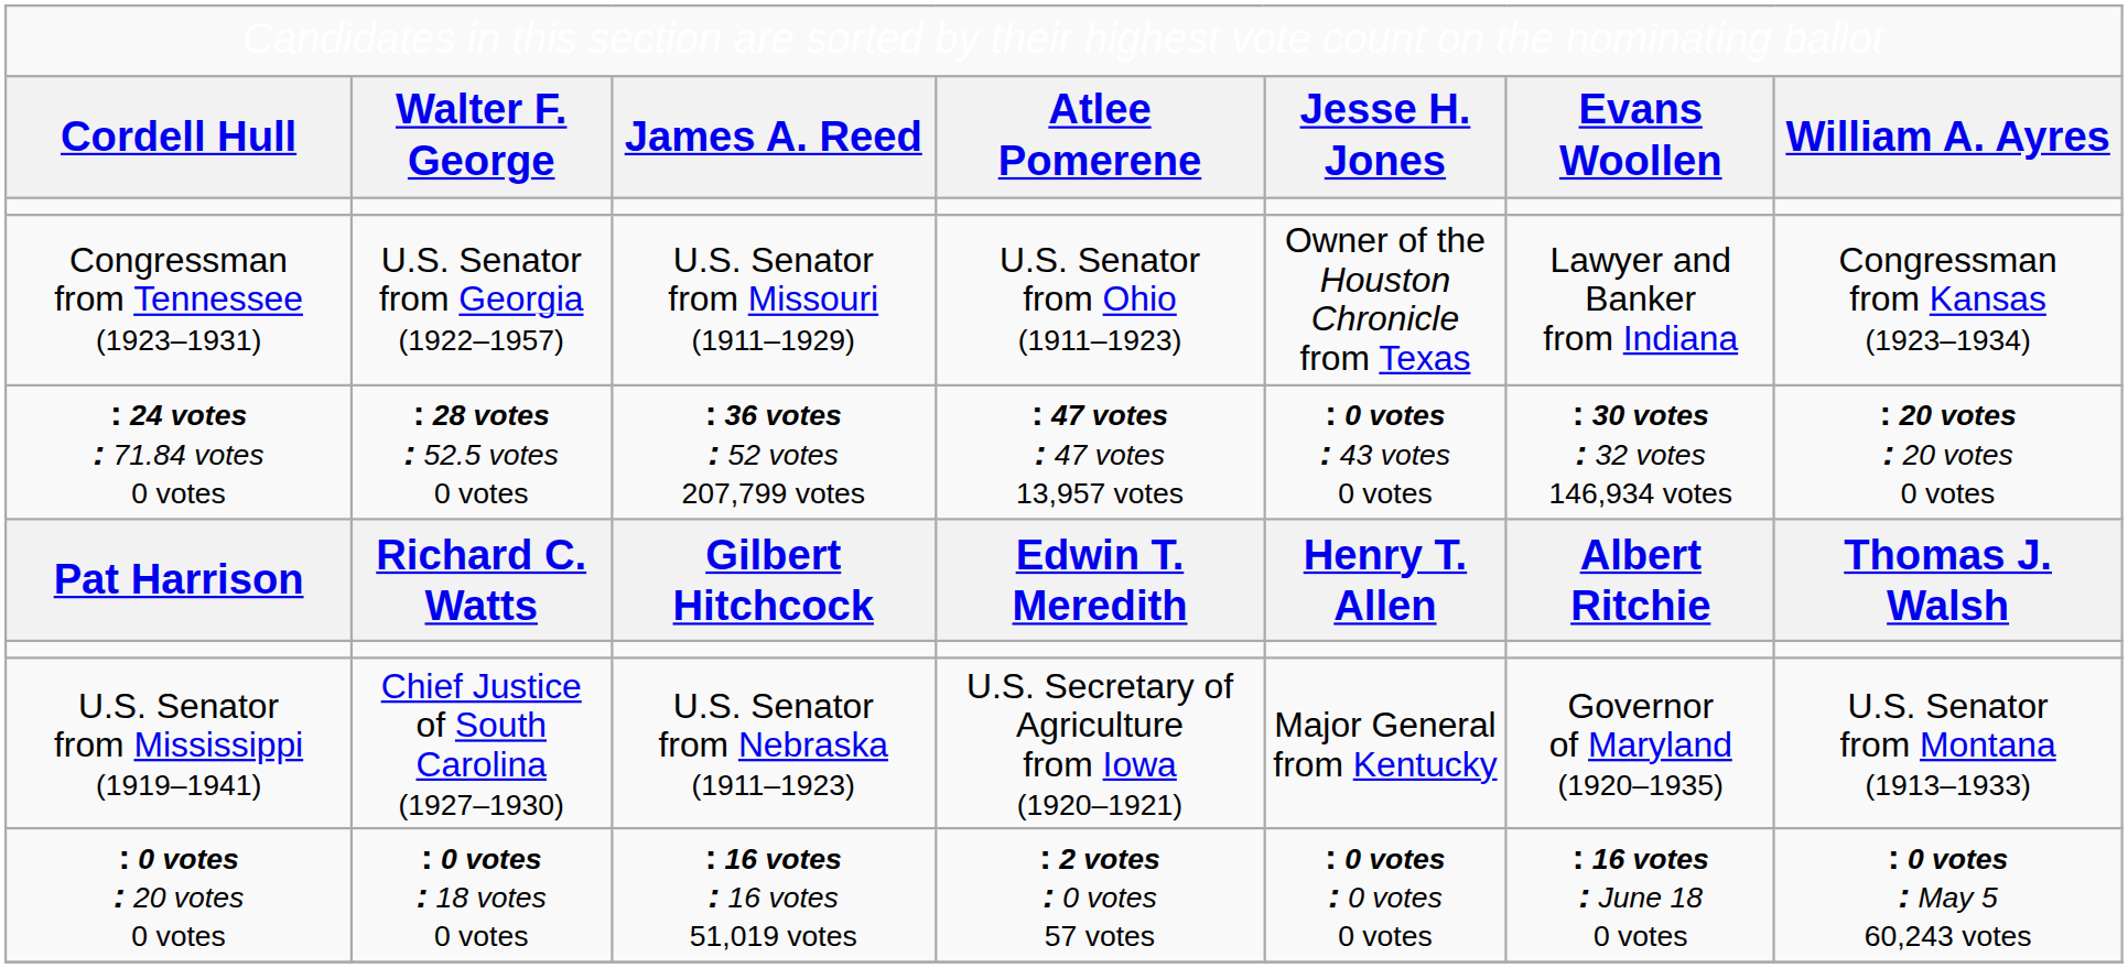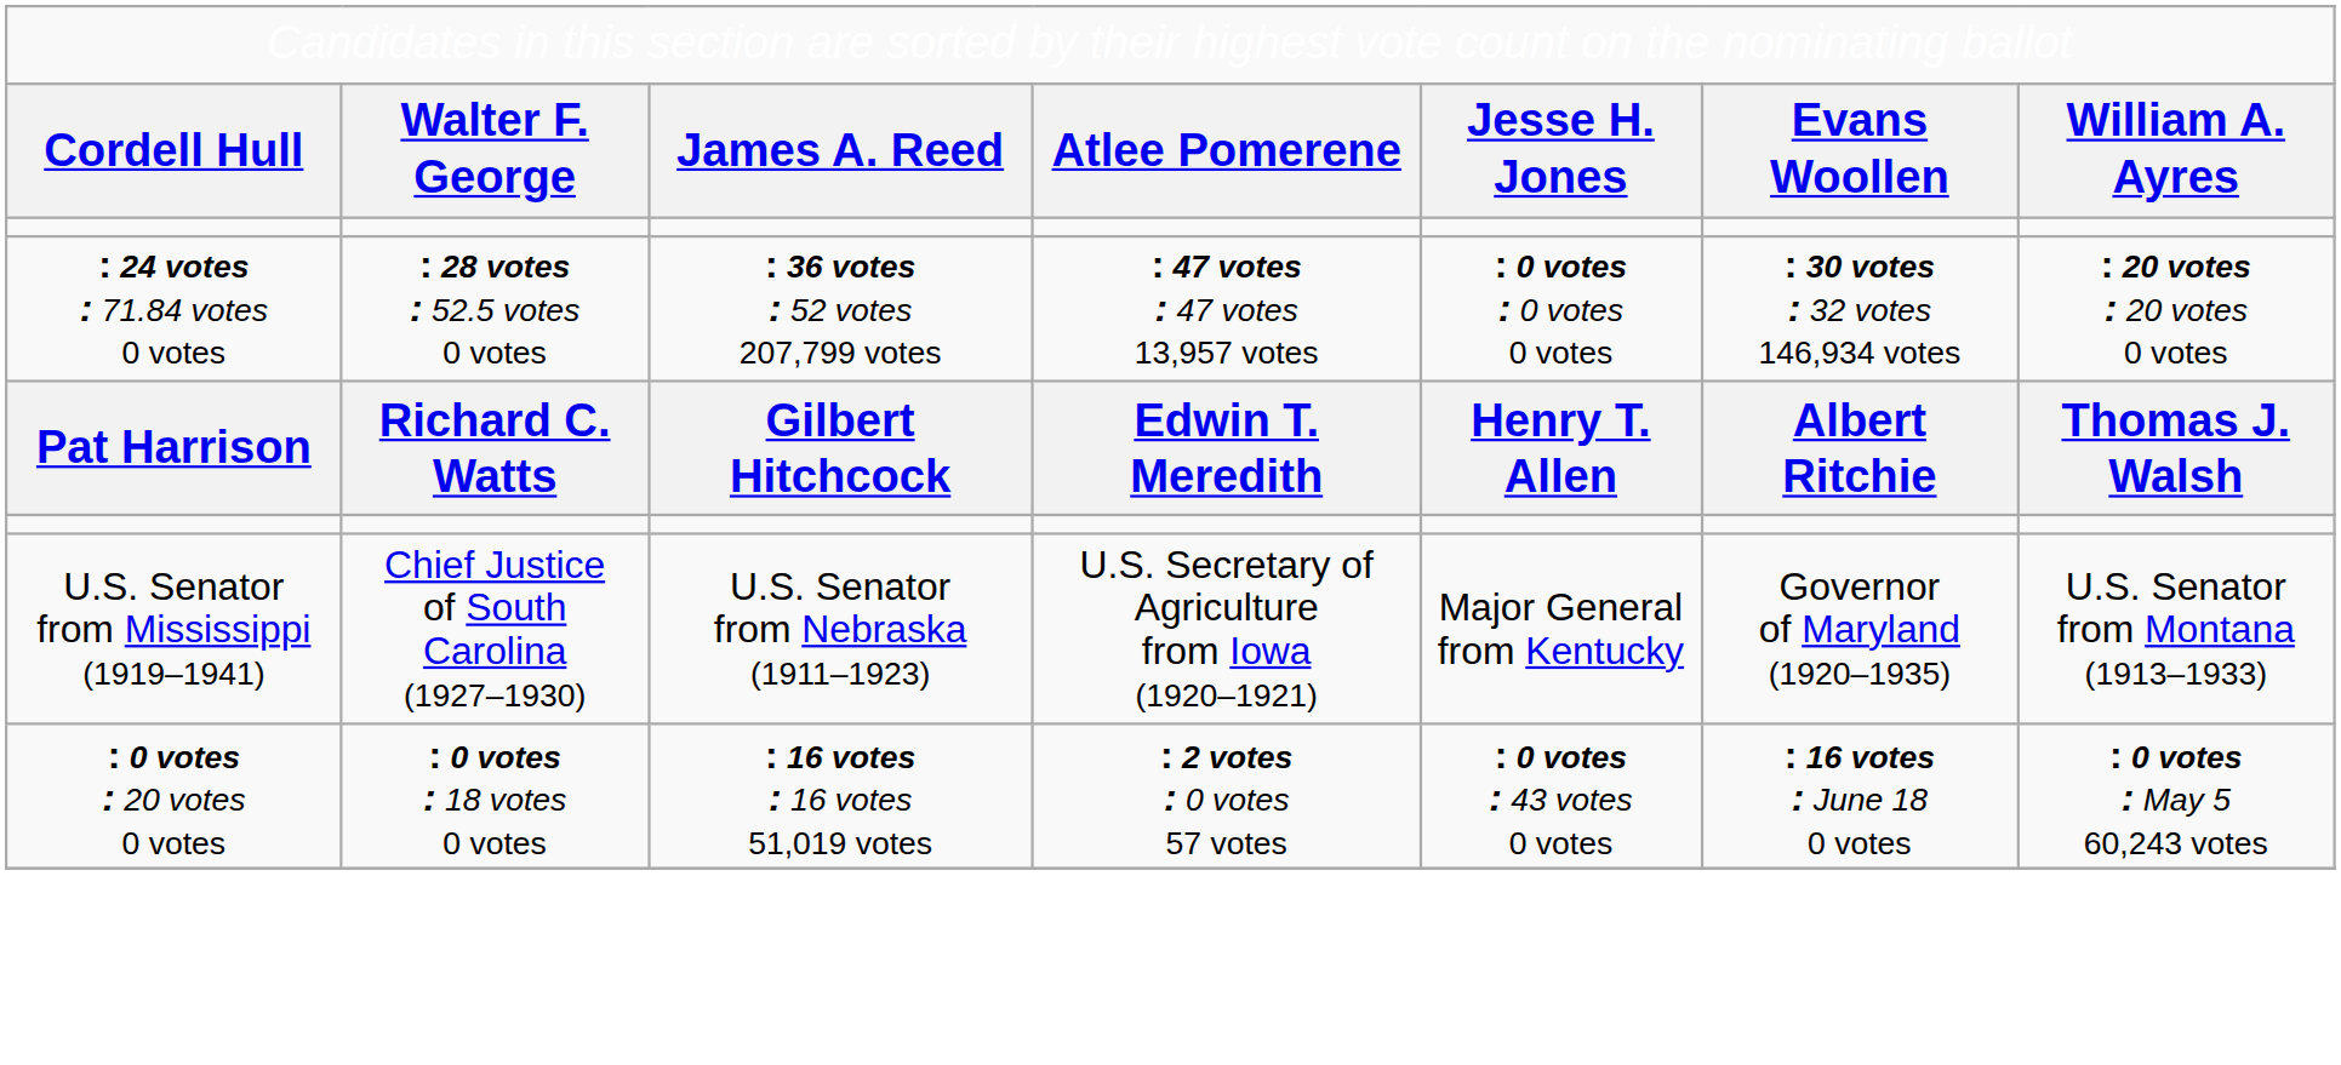 <table class="wikitable" style="font-size:90%">
 <tr>
 <td colspan="7" style="text-align:center; width:1400px; font-size:120%; color:white; background:"><em>Candidates in this section are sorted by their highest vote count on the nominating ballot</em></td>
 </tr>
 <tr>
 <th scope="col" style="width:3em; font-size:120%;"><a href='#'>Cordell Hull</a></th>
 <th scope="col" style="width:3em; font-size:120%;"><a href='#'>Walter F. George</a></th>
 <th scope="col" style="width:3em; font-size:120%;"><a href='#'>James A. Reed</a></th>
 <th scope="col" style="width:3em; font-size:120%;"><a href='#'>Atlee Pomerene</a></th>
 <th scope="col" style="width:3em; font-size:120%;"><a href='#'>Jesse H. Jones</a></th>
 <th scope="col" style="width:3em; font-size:120%;"><a href='#'>Evans Woollen</a></th>
 <th scope="col" style="width:3em; font-size:120%;"><a href='#'>William A. Ayres</a></th>
 </tr>
 <tr>
 <td></td>
 <td></td>
 <td></td>
 <td></td>
 <td></td>
 <td></td>
 <td></td>
 </tr>
 <tr style="text-align:center">
-<td>Congressman<br>from <a href='#'>Tennessee</a><br><small>(1923–1931)</small></td>
-<td>U.S. Senator<br>from <a href='#'>Georgia</a><br><small>(1922–1957)</small></td>
-<td>U.S. Senator<br>from <a href='#'>Missouri</a><br><small>(1911–1929)</small></td>
-<td>U.S. Senator<br>from <a href='#'>Ohio</a><br><small>(1911–1923)</small></td>
-<td>Owner of the <em>Houston Chronicle</em><br>from <a href='#'>Texas</a></td>
-<td>Lawyer and Banker<br>from <a href='#'>Indiana</a></td>
-<td>Congressman<br>from <a href='#'>Kansas</a><br><small>(1923–1934)</small></td>
-</tr>
-<tr style="text-align:center">
 <td><strong>:<strong><em><small> 24 votes</small><em><br></strong>:</em></strong><small> 71.84 votes</small></em><br><small>0 votes</small></td>
 <td><strong>:<strong><em><small> 28 votes</small><em><br></strong>:</em></strong><small> 52.5 votes</small></em><br><small>0 votes</small></td>
 <td><strong>:<strong><em><small> 36 votes</small><em><br></strong>:</em></strong><small> 52 votes</small></em><br><small>207,799 votes</small></td>
 <td><strong>:<strong><em><small> 47 votes</small><em><br></strong>:</em></strong><small> 47 votes</small></em><br><small>13,957 votes</small></td>
-<td><strong>:<strong><em><small> 0 votes</small><em><br></strong>:</em></strong><small> 43 votes</small></em><br><small>0 votes</small></td>
+<td><strong>:<strong><em><small> 0 votes</small><em><br></strong>:</em></strong><small> 0 votes</small></em><br><small>0 votes</small></td>
 <td><strong>:<strong><em><small> 30 votes</small><em><br></strong>:</em></strong><small> 32 votes</small></em><br><small>146,934 votes</small></td>
 <td><strong>:<strong><em><small> 20 votes</small><em><br></strong>:</em></strong><small> 20 votes</small></em><br><small>0 votes</small></td>
 </tr>
 <tr>
 <th scope="col" style="width:3em; font-size:120%;"><a href='#'>Pat Harrison</a></th>
 <th scope="col" style="width:3em; font-size:120%;"><a href='#'>Richard C. Watts</a></th>
 <th scope="col" style="width:3em; font-size:120%;"><a href='#'>Gilbert Hitchcock</a></th>
 <th scope="col" style="width:3em; font-size:120%;"><a href='#'>Edwin T. Meredith</a></th>
 <th scope="col" style="width:3em; font-size:120%;"><a href='#'>Henry T. Allen</a></th>
 <th scope="col" style="width:3em; font-size:120%;"><a href='#'>Albert Ritchie</a></th>
 <th scope="col" style="width:3em; font-size:120%;"><a href='#'>Thomas J. Walsh</a></th>
 </tr>
 <tr>
 <td></td>
 <td></td>
 <td></td>
 <td></td>
 <td></td>
 <td></td>
 <td></td>
 </tr>
 <tr style="text-align:center">
 <td>U.S. Senator<br>from <a href='#'>Mississippi</a><br><small>(1919–1941)</small></td>
 <td><a href='#'>Chief Justice</a><br>of <a href='#'>South Carolina</a><br><small>(1927–1930)</small></td>
 <td>U.S. Senator<br>from <a href='#'>Nebraska</a><br><small>(1911–1923)</small></td>
 <td>U.S. Secretary of Agriculture<br>from <a href='#'>Iowa</a><br><small>(1920–1921)</small></td>
 <td>Major General<br>from <a href='#'>Kentucky</a></td>
 <td>Governor<br>of <a href='#'>Maryland</a><br><small>(1920–1935)</small></td>
 <td>U.S. Senator<br>from <a href='#'>Montana</a><br><small>(1913–1933)</small></td>
 </tr>
 <tr style="text-align:center">
 <td><strong>:<strong><em><small> 0 votes</small><em><br></strong>:</em></strong><small> 20 votes</small></em><br><small>0 votes</small></td>
 <td><strong>:<strong><em><small> 0 votes</small><em><br></strong>:</em></strong><small> 18 votes</small></em><br><small>0 votes</small></td>
 <td><strong>:<strong><em><small> 16 votes</small><em><br></strong>:</em></strong><small> 16 votes</small></em><br><small>51,019 votes</small></td>
 <td><strong>:<strong><em><small> 2 votes</small><em><br></strong>:</em></strong><small> 0 votes</small></em><br><small>57 votes</small></td>
-<td><strong>:<strong><em><small> 0 votes</small><em><br></strong>:</em></strong><small> 0 votes</small></em><br><small>0 votes</small></td>
+<td><strong>:<strong><em><small> 0 votes</small><em><br></strong>:</em></strong><small> 43 votes</small></em><br><small>0 votes</small></td>
 <td><strong>:<strong><em><small> 16 votes</small><em><br></strong>:</em></strong><small> June 18</small></em><br><small>0 votes</small></td>
 <td><strong>:<strong><em><small> 0 votes</small><em><br></strong>:</em></strong><small> May 5</small></em><br><small>60,243 votes</small></td>
 </tr>
 <tr>
 </tr>
 </table>
